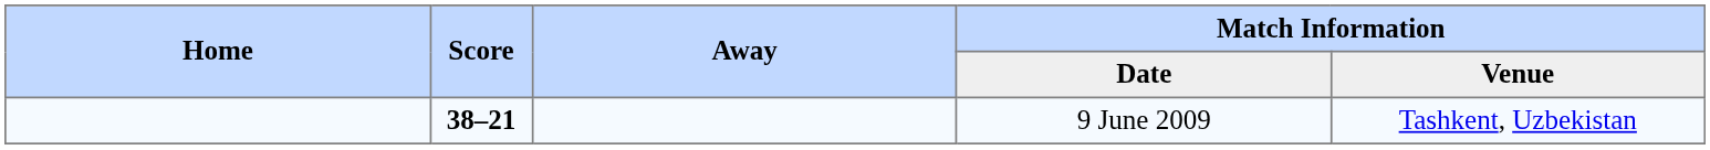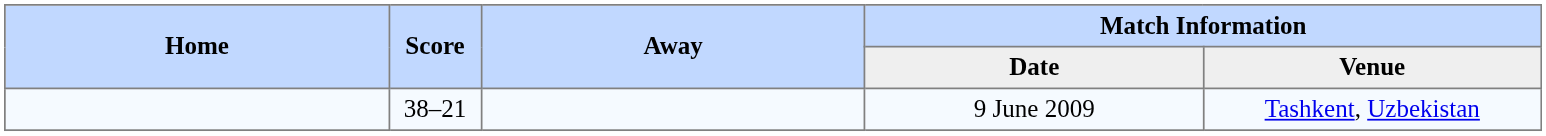 <table border=1 style="border-collapse:collapse; font-size:90%; text-align:center;" cellpadding=3 cellspacing=0 width=100%>
 <tr bgcolor=#C1D8FF>
 <th rowspan=2 width=25%>Home</th>
 <th rowspan=2 width=6%>Score</th>
 <th rowspan=2 width=25%>Away</th>
 <th colspan=6>Match Information</th>
 </tr>
 <tr bgcolor=#EFEFEF>
 <th width=22%>Date</th>
 <th width=22%>Venue</th>
 </tr>
 <tr bgcolor=#F5FAFF>
 <td align=right><strong></strong></td>
-<td><strong>38–21</strong></td>
+<td>38–21</td>
 <td align=left></td>
 <td>9 June 2009</td>
 <td><a href='#'>Tashkent</a>, <a href='#'>Uzbekistan</a></td>
 </tr>
 </table>
